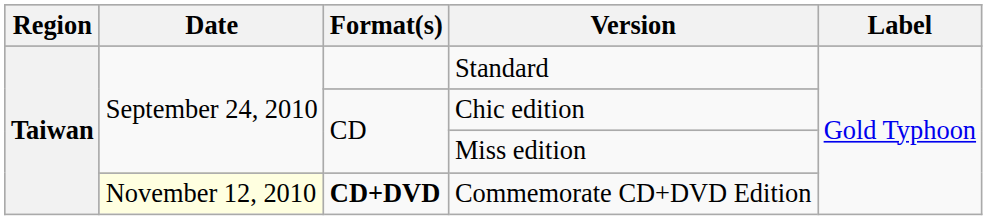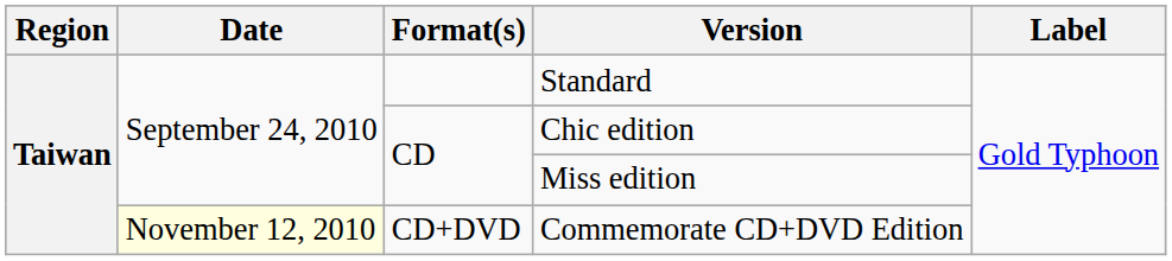 <table class="wikitable plainrowheaders">
 <tr>
 <th>Region</th>
 <th>Date</th>
 <th>Format(s)</th>
 <th>Version</th>
 <th>Label</th>
 </tr>
 <tr>
 <th scope="row" rowspan="4">Taiwan</th>
 <td rowspan="3">September 24, 2010</td>
 <td></td>
 <td>Standard</td>
 <td rowspan="4"><a href='#'>Gold Typhoon</a></td>
 </tr>
 <tr>
 <td rowspan="2">CD</td>
 <td>Chic edition</td>
 </tr>
 <tr>
 <td>Miss edition</td>
 </tr>
 <tr>
 <td style="background: lightyellow;">November 12, 2010</td>
-<td><strong>CD+DVD</strong></td>
+<td>CD+DVD</td>
 <td>Commemorate CD+DVD Edition</td>
 </tr>
 </table>
